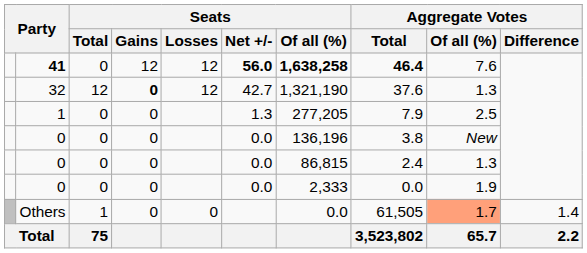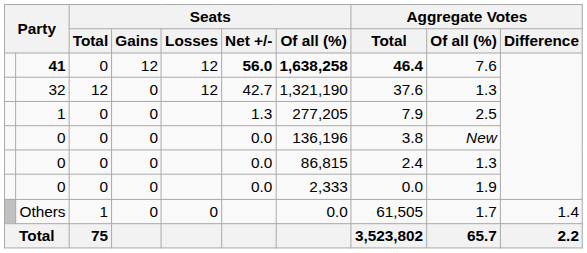 <table class="wikitable sortable" style="text-align:right; font-size:95%;">
 <tr>
 <th colspan="2" rowspan="2">Party</th>
 <th colspan="5">Seats</th>
 <th colspan="3">Aggregate Votes</th>
 </tr>
 <tr>
 <th>Total</th>
 <th>Gains</th>
 <th>Losses</th>
 <th>Net +/-</th>
 <th>Of all (%)</th>
 <th>Total</th>
 <th>Of all (%)</th>
 <th>Difference</th>
 </tr>
 <tr>
 <td></td>
 <td><strong>41</strong></td>
 <td>0</td>
 <td>12</td>
 <td>12</td>
 <td><strong>56.0</strong></td>
 <td><strong>1,638,258</strong></td>
 <td><strong>46.4</strong></td>
 <td>7.6</td>
 </tr>
 <tr>
 <td></td>
 <td>32</td>
 <td>12</td>
-<td><strong>0</strong></td>
+<td>0</td>
 <td>12</td>
 <td>42.7</td>
 <td>1,321,190</td>
 <td>37.6</td>
 <td>1.3</td>
 </tr>
 <tr>
 <td></td>
 <td>1</td>
 <td>0</td>
 <td>0</td>
 <td></td>
 <td>1.3</td>
 <td>277,205</td>
 <td>7.9</td>
 <td>2.5</td>
 </tr>
 <tr>
 <td></td>
 <td>0</td>
 <td>0</td>
 <td>0</td>
 <td></td>
 <td>0.0</td>
 <td>136,196</td>
 <td>3.8</td>
 <td><em>New</em></td>
 </tr>
 <tr>
 <td></td>
 <td>0</td>
 <td>0</td>
 <td>0</td>
 <td></td>
 <td>0.0</td>
 <td>86,815</td>
 <td>2.4</td>
 <td>1.3</td>
 </tr>
 <tr>
 <td></td>
 <td>0</td>
 <td>0</td>
 <td>0</td>
 <td></td>
 <td>0.0</td>
 <td>2,333</td>
 <td>0.0</td>
 <td>1.9</td>
 </tr>
 <tr>
 <td style="background:silver;"> </td>
 <td align=left>Others</td>
 <td>1</td>
 <td>0</td>
 <td>0</td>
 <td></td>
 <td>0.0</td>
 <td>61,505</td>
-<td style="background: lightsalmon;">1.7</td>
+<td>1.7</td>
 <td>1.4</td>
 </tr>
 <tr class="sortbottom">
 <th colspan="2" style="background:#f2f2f2">Total</th>
 <td style="background:#f2f2f2;"><strong>75</strong></td>
 <td style="background:#f2f2f2;"></td>
 <td style="background:#f2f2f2;"></td>
 <td style="background:#f2f2f2;"></td>
 <td style="background:#f2f2f2;"></td>
 <td style="background:#f2f2f2;"><strong>3,523,802</strong></td>
 <td style="background:#f2f2f2;"><strong>65.7</strong></td>
 <td style="background:#f2f2f2;"><strong>2.2</strong></td>
 </tr>
 </table>
